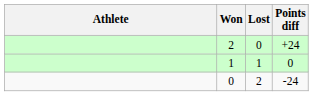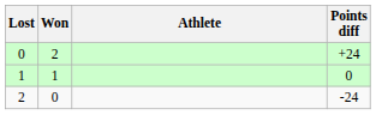 <table class="wikitable">
 <tr>
+<th>Lost</th>
+<th>Won</th>
 <th style="width:18em">Athlete</th>
-<th>Won</th>
-<th>Lost</th>
 <th>Points<br>diff</th>
 </tr>
 <tr bgcolor="#ccffcc">
+<td align="center">0</td>
+<td align="center">2</td>
 <td></td>
-<td align="center">2</td>
-<td align="center">0</td>
 <td align="center">+24</td>
 </tr>
 <tr bgcolor="#ccffcc">
-<td></td>
 <td align="center">1</td>
 <td align="center">1</td>
+<td></td>
 <td align="center">0</td>
 </tr>
 <tr>
+<td align="center">2</td>
+<td align="center">0</td>
 <td></td>
-<td align="center">0</td>
-<td align="center">2</td>
 <td align="center">-24</td>
 </tr>
 </table>
